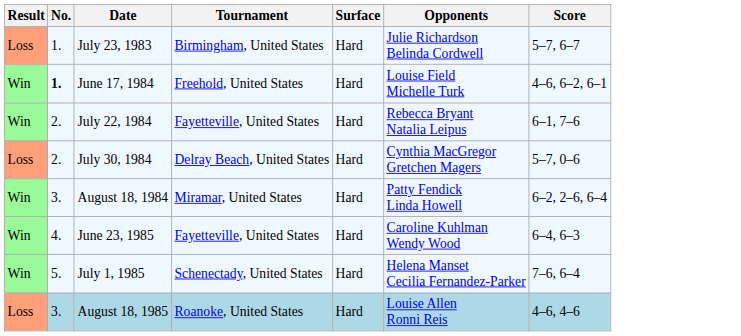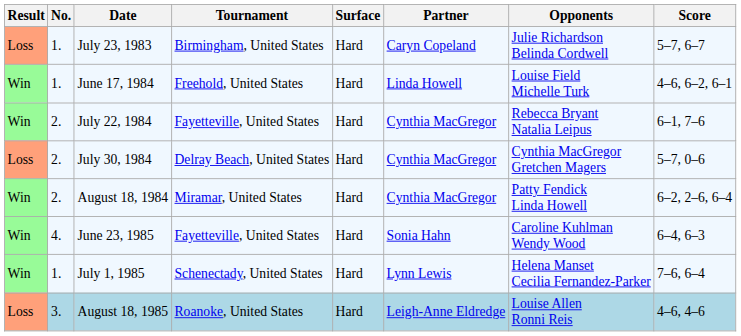 <table class="sortable wikitable" style=font-size:97%>
 <tr>
 <th>Result</th>
 <th>No.</th>
 <th>Date</th>
 <th>Tournament</th>
 <th>Surface</th>
+<th>Partner</th>
 <th>Opponents</th>
 <th>Score</th>
 </tr>
 <tr bgcolor="#f0f8ff">
 <td style="background:#ffa07a;">Loss</td>
 <td>1.</td>
 <td>July 23, 1983</td>
 <td><a href='#'>Birmingham</a>, United States</td>
 <td>Hard</td>
+<td> <a href='#'>Caryn Copeland</a></td>
 <td> <a href='#'>Julie Richardson</a> <br>  <a href='#'>Belinda Cordwell</a></td>
 <td>5–7, 6–7</td>
 </tr>
 <tr bgcolor="#f0f8ff">
 <td style="background:#98fb98;">Win</td>
-<td><strong>1.</strong></td>
+<td>1.</td>
 <td>June 17, 1984</td>
 <td><a href='#'>Freehold</a>, United States</td>
 <td>Hard</td>
+<td> <a href='#'>Linda Howell</a></td>
 <td> <a href='#'>Louise Field</a> <br>  <a href='#'>Michelle Turk</a></td>
 <td>4–6, 6–2, 6–1</td>
 </tr>
 <tr bgcolor="#f0f8ff">
 <td style="background:#98fb98;">Win</td>
 <td>2.</td>
 <td>July 22, 1984</td>
 <td><a href='#'>Fayetteville</a>, United States</td>
 <td>Hard</td>
+<td> <a href='#'>Cynthia MacGregor</a></td>
 <td> <a href='#'>Rebecca Bryant</a> <br>  <a href='#'>Natalia Leipus</a></td>
 <td>6–1, 7–6</td>
 </tr>
 <tr bgcolor="#f0f8ff">
 <td style="background:#ffa07a;">Loss</td>
 <td>2.</td>
 <td>July 30, 1984</td>
 <td><a href='#'>Delray Beach</a>, United States</td>
 <td>Hard</td>
+<td> <a href='#'>Cynthia MacGregor</a></td>
 <td> <a href='#'>Cynthia MacGregor</a> <br>  <a href='#'>Gretchen Magers</a></td>
 <td>5–7, 0–6</td>
 </tr>
 <tr bgcolor="#f0f8ff">
 <td style="background:#98fb98;">Win</td>
-<td>3.</td>
+<td>2.</td>
 <td>August 18, 1984</td>
 <td><a href='#'>Miramar</a>, United States</td>
 <td>Hard</td>
+<td> <a href='#'>Cynthia MacGregor</a></td>
 <td> <a href='#'>Patty Fendick</a> <br>  <a href='#'>Linda Howell</a></td>
 <td>6–2, 2–6, 6–4</td>
 </tr>
 <tr bgcolor="#f0f8ff">
 <td style="background:#98fb98;">Win</td>
 <td>4.</td>
 <td>June 23, 1985</td>
 <td><a href='#'>Fayetteville</a>, United States</td>
 <td>Hard</td>
+<td> <a href='#'>Sonia Hahn</a></td>
 <td> <a href='#'>Caroline Kuhlman</a> <br>  <a href='#'>Wendy Wood</a></td>
 <td>6–4, 6–3</td>
 </tr>
 <tr bgcolor="#f0f8ff">
 <td style="background:#98fb98;">Win</td>
-<td>5.</td>
+<td>1.</td>
 <td>July 1, 1985</td>
 <td><a href='#'>Schenectady</a>, United States</td>
 <td>Hard</td>
+<td> <a href='#'>Lynn Lewis</a></td>
 <td> <a href='#'>Helena Manset</a> <br>  <a href='#'>Cecilia Fernandez-Parker</a></td>
 <td>7–6, 6–4</td>
 </tr>
 <tr style="background:lightblue;">
 <td style="background:#ffa07a;">Loss</td>
 <td>3.</td>
 <td>August 18, 1985</td>
 <td><a href='#'>Roanoke</a>, United States</td>
 <td>Hard</td>
+<td> <a href='#'>Leigh-Anne Eldredge</a></td>
 <td> <a href='#'>Louise Allen</a> <br>  <a href='#'>Ronni Reis</a></td>
 <td>4–6, 4–6</td>
 </tr>
 </table>
